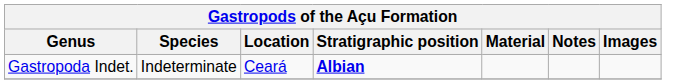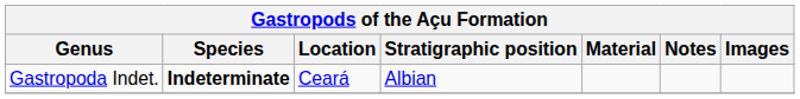 <table class="wikitable" align="center">
 <tr>
 <th colspan="7" align="center"><a href='#'>Gastropods</a> of the Açu Formation</th>
 </tr>
 <tr>
 <th>Genus</th>
 <th>Species</th>
 <th>Location</th>
 <th>Stratigraphic position</th>
 <th>Material</th>
 <th>Notes</th>
 <th>Images</th>
 </tr>
 <tr>
 <td><a href='#'>Gastropoda</a> Indet.</td>
-<td>Indeterminate</td>
+<td><strong>Indeterminate</strong></td>
 <td><a href='#'>Ceará</a></td>
-<td><strong><a href='#'>Albian</a></strong></td>
+<td><a href='#'>Albian</a></td>
 <td></td>
 <td></td>
 <td></td>
 </tr>
 <tr>
 </tr>
 </table>
